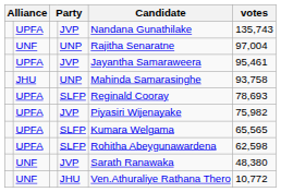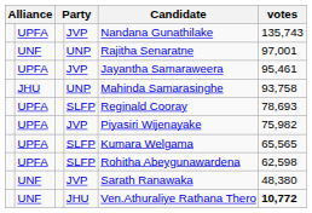 <table class="wikitable sortable mw-collapsible">
 <tr>
 <th colspan="2">Alliance</th>
 <th colspan="2">Party</th>
 <th>Candidate</th>
 <th>votes</th>
 </tr>
 <tr>
 <td bgcolor=> </td>
 <td align=left><a href='#'>UPFA</a></td>
 <td bgcolor=> </td>
 <td align=left><a href='#'>JVP</a></td>
 <td><a href='#'>Nandana Gunathilake</a></td>
 <td>135,743</td>
 </tr>
 <tr>
 <td bgcolor=> </td>
 <td align=left><a href='#'>UNF</a></td>
 <td bgcolor=> </td>
 <td align=left><a href='#'>UNP</a></td>
 <td><a href='#'>Rajitha Senaratne</a></td>
-<td>97,004</td>
+<td>97,001</td>
 </tr>
 <tr>
 <td bgcolor=> </td>
 <td align=left><a href='#'>UPFA</a></td>
 <td bgcolor=> </td>
 <td align=left><a href='#'>JVP</a></td>
 <td><a href='#'>Jayantha Samaraweera</a></td>
 <td>95,461</td>
 </tr>
 <tr>
 <td bgcolor=> </td>
 <td align=left><a href='#'>JHU</a></td>
 <td bgcolor=> </td>
 <td align=left><a href='#'>UNP</a></td>
 <td><a href='#'>Mahinda Samarasinghe</a></td>
 <td>93,758</td>
 </tr>
 <tr>
 <td bgcolor=> </td>
 <td align=left><a href='#'>UPFA</a></td>
 <td bgcolor=> </td>
 <td align=left><a href='#'>SLFP</a></td>
 <td><a href='#'>Reginald Cooray</a> </td>
 <td>78,693</td>
 </tr>
 <tr>
 <td bgcolor=> </td>
 <td align=left><a href='#'>UPFA</a></td>
 <td bgcolor=> </td>
 <td align=left><a href='#'>JVP</a></td>
 <td><a href='#'>Piyasiri Wijenayake</a></td>
 <td>75,982</td>
 </tr>
 <tr>
 <td bgcolor=> </td>
 <td align=left><a href='#'>UPFA</a></td>
 <td bgcolor=> </td>
 <td align=left><a href='#'>SLFP</a></td>
 <td><a href='#'>Kumara Welgama</a></td>
 <td>65,565</td>
 </tr>
 <tr>
 <td bgcolor=> </td>
 <td align=left><a href='#'>UPFA</a></td>
 <td bgcolor=> </td>
 <td align=left><a href='#'>SLFP</a></td>
 <td><a href='#'>Rohitha Abeygunawardena</a></td>
 <td>62,598</td>
 </tr>
 <tr>
 <td bgcolor=> </td>
 <td align=left><a href='#'>UNF</a></td>
 <td bgcolor=> </td>
 <td align=left><a href='#'>JVP</a></td>
 <td><a href='#'>Sarath Ranawaka</a> </td>
 <td>48,380</td>
 </tr>
 <tr>
 <td bgcolor=> </td>
 <td align=left><a href='#'>UNF</a></td>
 <td bgcolor=> </td>
 <td align=left><a href='#'>JHU</a></td>
 <td><a href='#'>Ven.Athuraliye Rathana Thero</a></td>
-<td>10,772</td>
+<td><strong>10,772</strong></td>
 </tr>
 </table>
